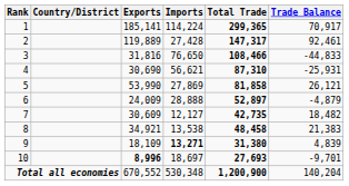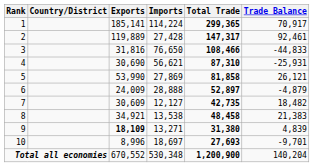 <table class="sortable wikitable" style="text-align: right">
 <tr>
 <th>Rank</th>
 <th>Country/District</th>
 <th>Exports</th>
 <th>Imports</th>
 <th>Total Trade</th>
 <th><a href='#'>Trade Balance</a></th>
 </tr>
 <tr>
 <td>1</td>
 <td align=left><strong></strong></td>
 <td>185,141</td>
 <td>114,224</td>
 <td><strong>299,365</strong></td>
 <td>70,917</td>
 </tr>
 <tr>
 <td>2</td>
 <td align=left><strong></strong></td>
 <td>119,889</td>
 <td>27,428</td>
 <td><strong>147,317</strong></td>
 <td>92,461</td>
 </tr>
 <tr>
 <td>3</td>
 <td align=left><strong></strong></td>
 <td>31,816</td>
 <td>76,650</td>
 <td><strong>108,466</strong></td>
 <td>-44,833</td>
 </tr>
 <tr>
 <td>4</td>
 <td align="left"><strong></strong></td>
 <td>30,690</td>
 <td>56,621</td>
 <td><strong>87,310</strong></td>
 <td>-25,931</td>
 </tr>
 <tr>
 <td>5</td>
 <td align="left"><strong></strong></td>
 <td>53,990</td>
 <td>27,869</td>
 <td><strong>81,858</strong></td>
 <td>26,121</td>
 </tr>
 <tr>
 <td>6</td>
 <td align="left"><strong></strong></td>
 <td>24,009</td>
 <td>28,888</td>
 <td><strong>52,897</strong></td>
 <td>-4,879</td>
 </tr>
 <tr>
 <td>7</td>
 <td align="left"><strong></strong></td>
 <td>30,609</td>
 <td>12,127</td>
 <td><strong>42,735</strong></td>
 <td>18,482</td>
 </tr>
 <tr>
 <td>8</td>
 <td align="left"><strong></strong></td>
 <td>34,921</td>
 <td>13,538</td>
 <td><strong>48,458</strong></td>
 <td>21,383</td>
 </tr>
 <tr>
 <td>9</td>
 <td align="left"><strong></strong></td>
-<td>18,109</td>
-<td><strong>13,271</strong></td>
+<td><strong>18,109</strong></td>
+<td>13,271</td>
 <td><strong>31,380</strong></td>
 <td>4,839</td>
 </tr>
 <tr>
 <td>10</td>
 <td align="left"><strong></strong></td>
-<td><strong>8,996</strong></td>
+<td>8,996</td>
 <td>18,697</td>
 <td><strong>27,693</strong></td>
 <td>-9,701</td>
 </tr>
 <tr class="sortbottom">
 <td colspan="2"><strong><em>Total all economies</em></strong> </td>
 <td>670,552</td>
 <td>530,348</td>
 <td><strong>1,200,900</strong></td>
 <td>140,204</td>
 </tr>
 </table>
